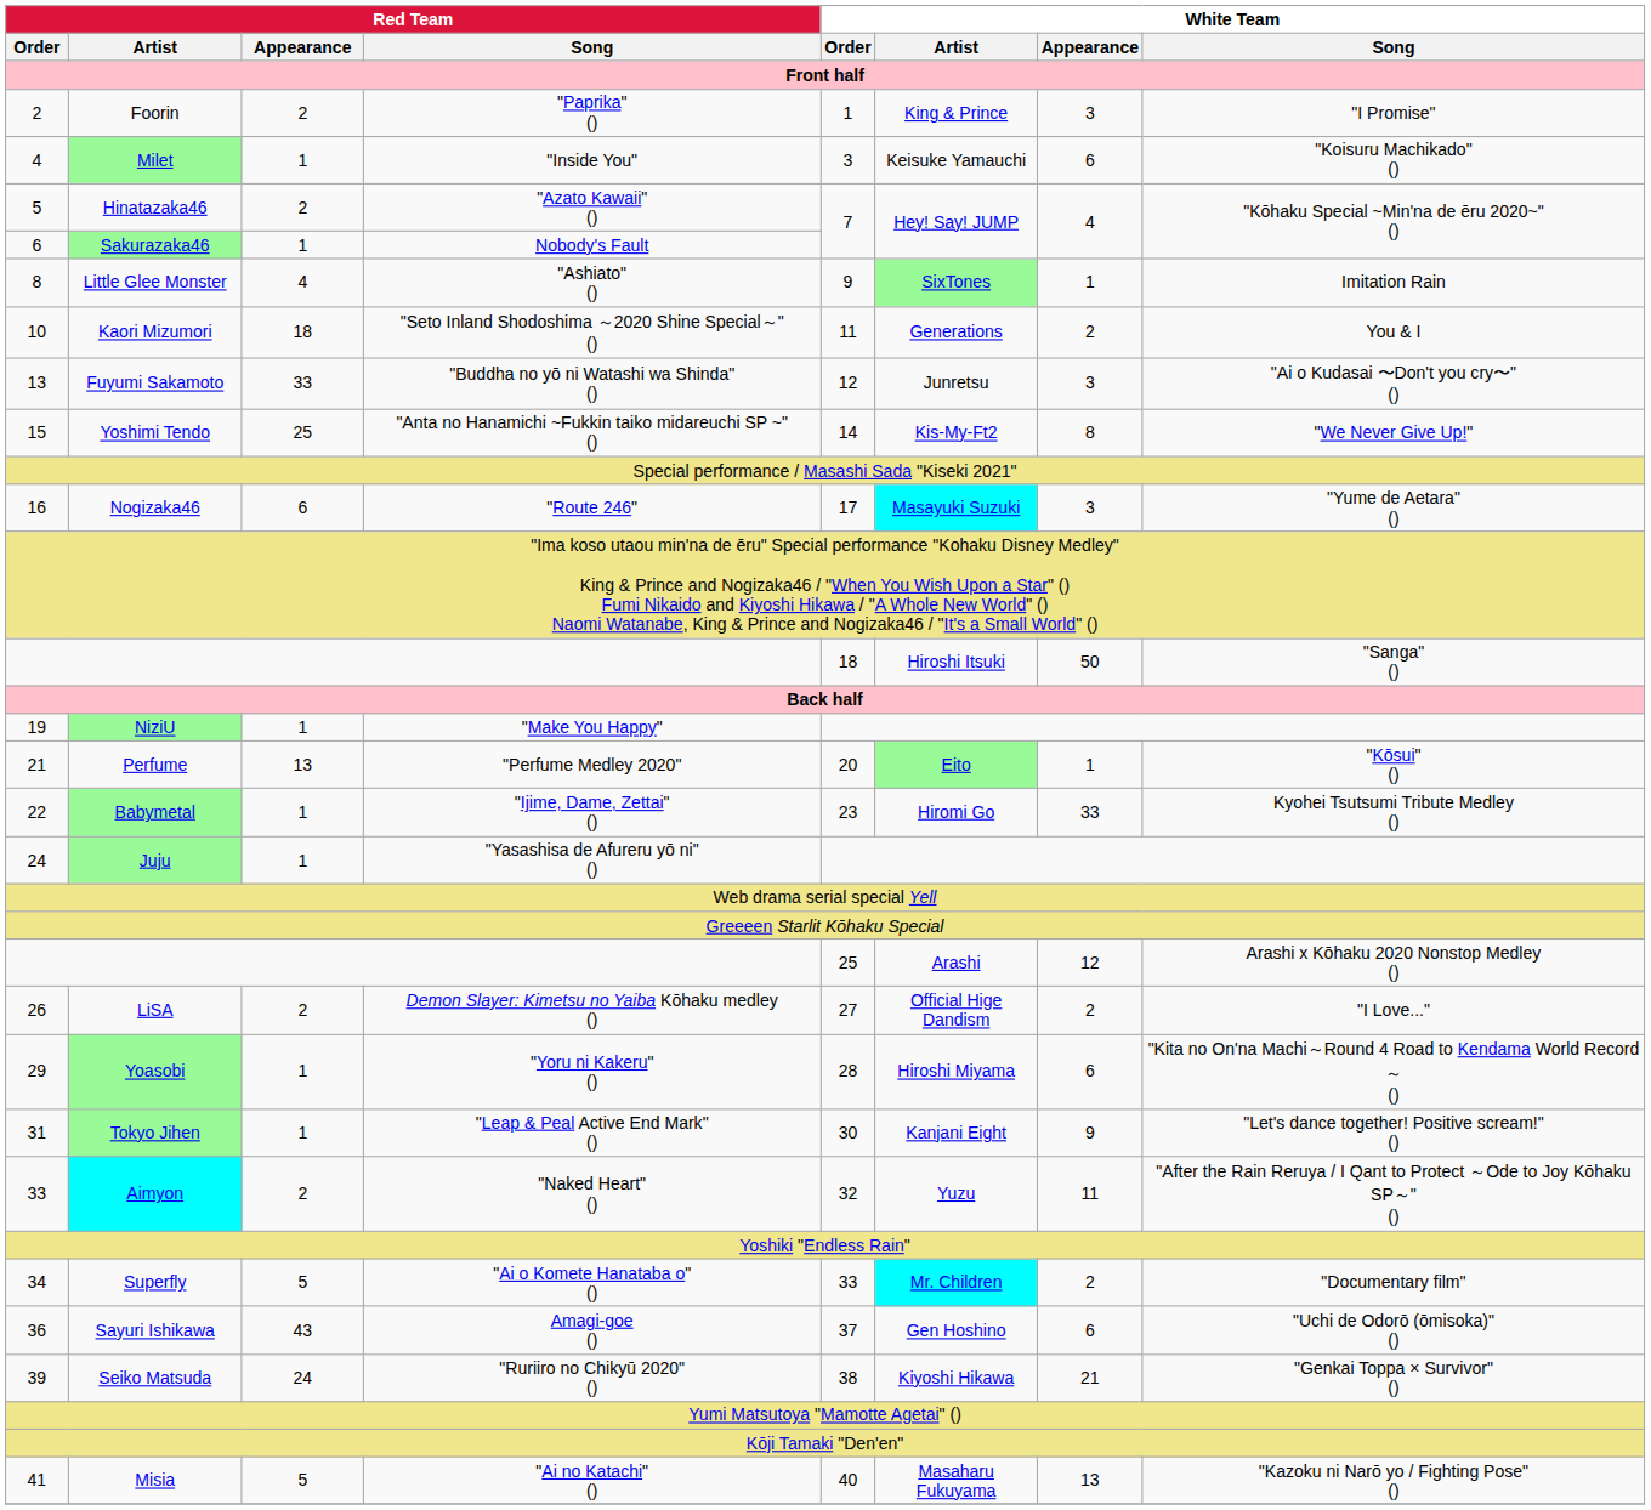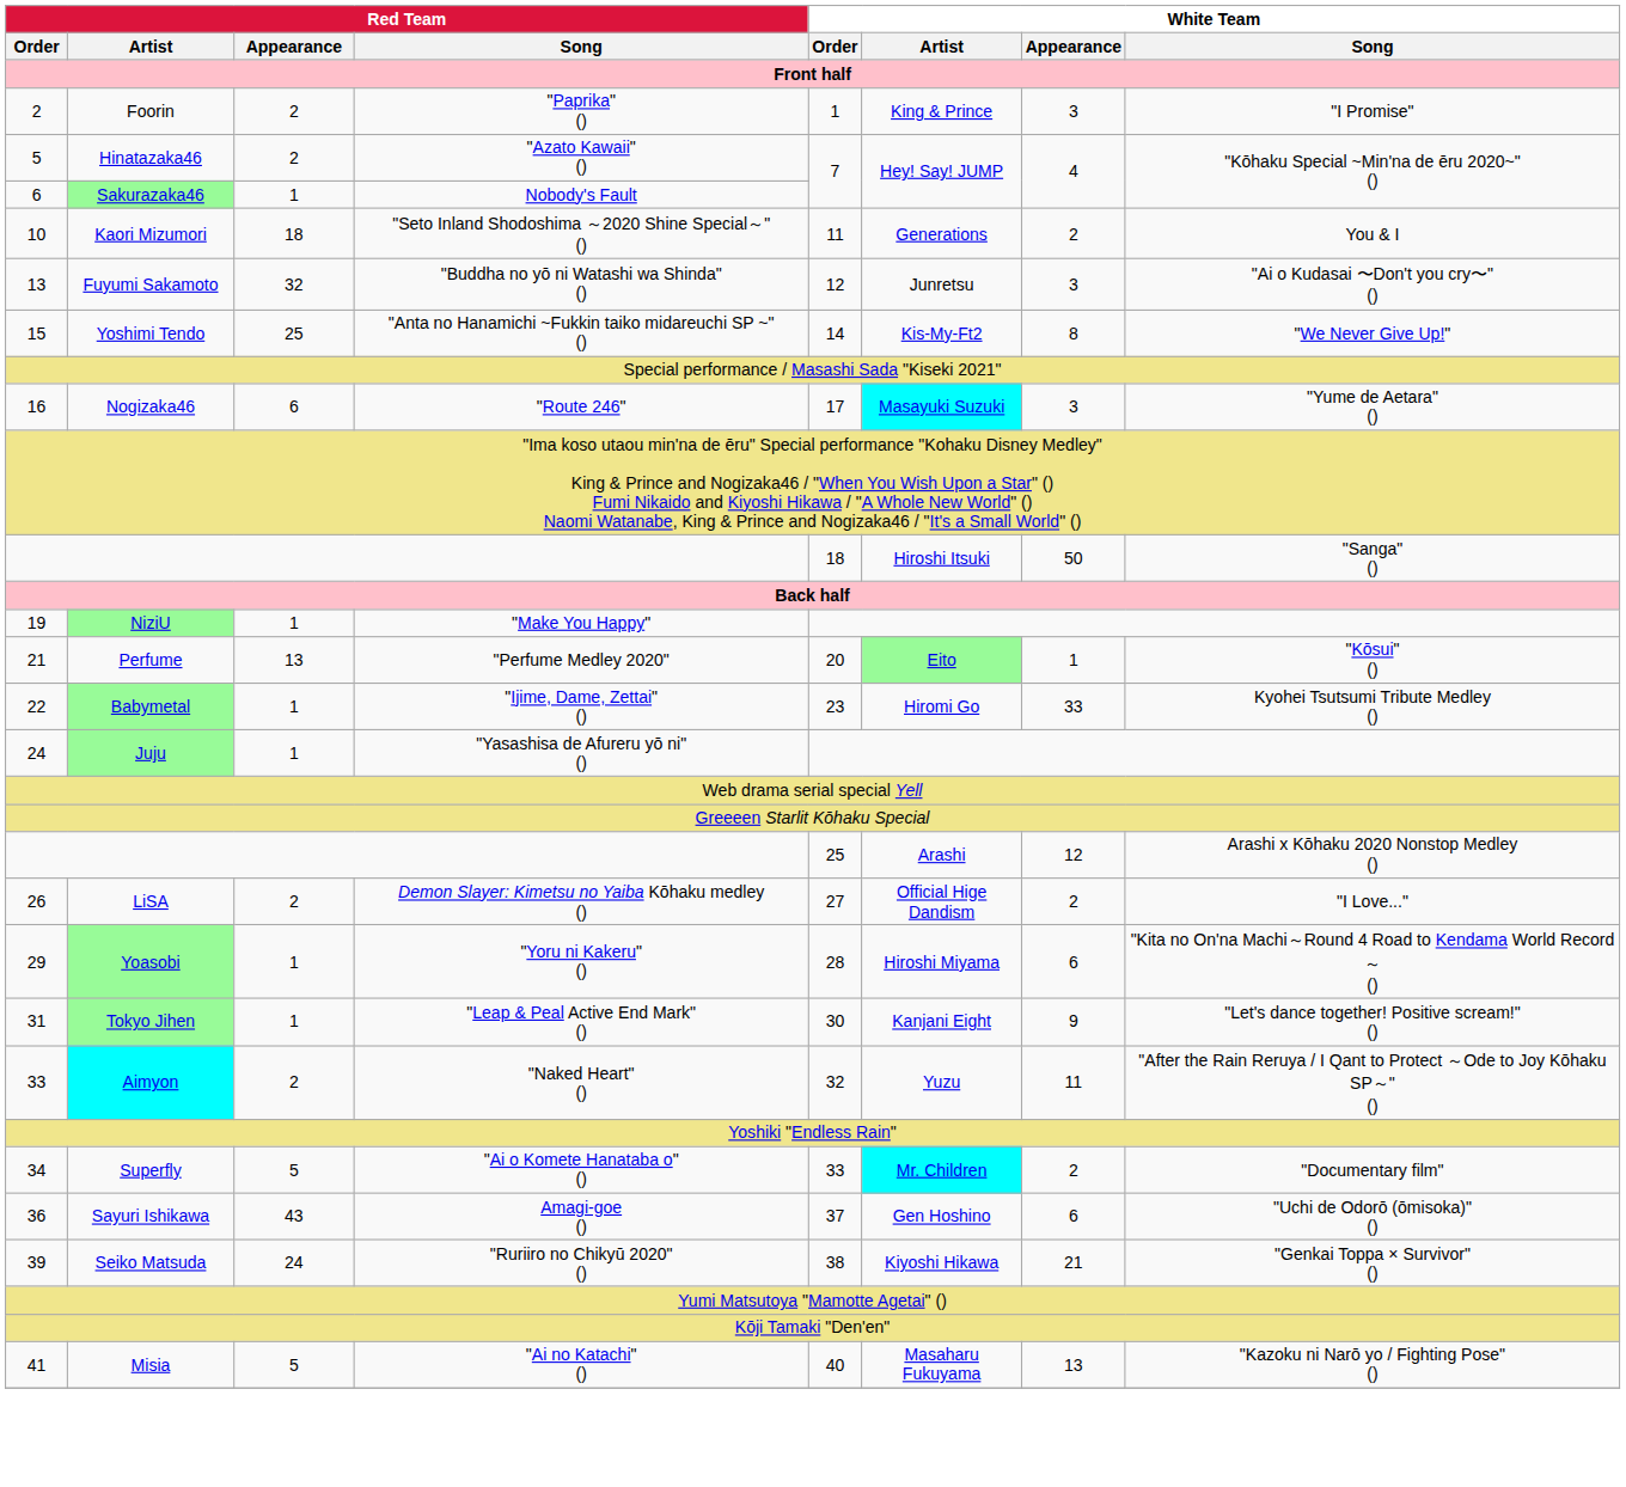 <table class="wikitable" style="font-size:small; text-align:center">
 <tr>
 <th colspan="4" style="background:Crimson; color:White; width:50%">Red Team</th>
 <th colspan="4" style="background:White; width:50%">White Team</th>
 </tr>
 <tr>
 <th>Order</th>
 <th>Artist</th>
 <th>Appearance</th>
 <th>Song</th>
 <th>Order</th>
 <th>Artist</th>
 <th>Appearance</th>
 <th>Song</th>
 </tr>
 <tr>
 <th colspan="8" style="background:Pink">Front half</th>
 </tr>
 <tr>
 <td>2</td>
 <td>Foorin</td>
 <td>2</td>
 <td>"<a href='#'>Paprika</a>"<br>()</td>
 <td>1</td>
 <td><a href='#'>King & Prince</a></td>
 <td>3</td>
 <td>"I Promise"</td>
 </tr>
 <tr>
-<td>4</td>
-<td style="background:PaleGreen"><a href='#'>Milet</a></td>
-<td>1</td>
-<td>"Inside You"</td>
-<td>3</td>
-<td>Keisuke Yamauchi</td>
-<td>6</td>
-<td>"Koisuru Machikado"<br>()</td>
-</tr>
-<tr>
 <td>5</td>
 <td><a href='#'>Hinatazaka46</a></td>
 <td>2</td>
 <td>"<a href='#'>Azato Kawaii</a>"<br> ()</td>
 <td rowspan="2">7</td>
 <td rowspan="2"><a href='#'>Hey! Say! JUMP</a></td>
 <td rowspan="2">4</td>
 <td rowspan="2">"Kōhaku Special ~Min'na de ēru 2020~" <br>()</td>
 </tr>
 <tr>
 <td>6</td>
 <td style="background:PaleGreen"><a href='#'>Sakurazaka46</a></td>
 <td>1</td>
 <td><a href='#'>Nobody's Fault</a></td>
 </tr>
 <tr>
-<td>8</td>
-<td><a href='#'>Little Glee Monster</a></td>
-<td>4</td>
-<td>"Ashiato"<br> ()</td>
-<td>9</td>
-<td style="background:PaleGreen"><a href='#'>SixTones</a></td>
-<td>1</td>
-<td>Imitation Rain</td>
-</tr>
-<tr>
 <td>10</td>
 <td><a href='#'>Kaori Mizumori</a></td>
 <td>18</td>
 <td>"Seto Inland Shodoshima ～2020 Shine Special～"<br>()</td>
 <td>11</td>
 <td><a href='#'>Generations</a></td>
 <td>2</td>
 <td>You & I</td>
 </tr>
 <tr>
 <td>13</td>
 <td><a href='#'>Fuyumi Sakamoto</a></td>
-<td>33</td>
+<td>32</td>
 <td>"Buddha no yō ni Watashi wa Shinda"<br>()</td>
 <td>12</td>
 <td>Junretsu</td>
 <td>3</td>
 <td>"Ai o Kudasai 〜Don't you cry〜"<br>()</td>
 </tr>
 <tr>
 <td>15</td>
 <td><a href='#'>Yoshimi Tendo</a></td>
 <td>25</td>
 <td>"Anta no Hanamichi ~Fukkin taiko midareuchi SP ~"<br>()</td>
 <td>14</td>
 <td><a href='#'>Kis-My-Ft2</a></td>
 <td>8</td>
 <td>"<a href='#'>We Never Give Up!</a>"</td>
 </tr>
 <tr>
 <td colspan="8" style="background:Khaki">Special performance / <a href='#'>Masashi Sada</a> "Kiseki 2021"</td>
 </tr>
 <tr>
 <td>16</td>
 <td><a href='#'>Nogizaka46</a></td>
 <td>6</td>
 <td>"<a href='#'>Route 246</a>"</td>
 <td>17</td>
 <td style="background:aqua"><a href='#'>Masayuki Suzuki</a></td>
 <td>3</td>
 <td>"Yume de Aetara"<br>()</td>
 </tr>
 <tr>
 <td colspan="8" style="background:Khaki">"Ima koso utaou min'na de ēru" Special performance "Kohaku Disney Medley"<br><br>King & Prince and Nogizaka46 / "<a href='#'>When You Wish Upon a Star</a>" ()<br> <a href='#'>Fumi Nikaido</a> and <a href='#'>Kiyoshi Hikawa</a> / "<a href='#'>A Whole New World</a>" ()<br> <a href='#'>Naomi Watanabe</a>, King & Prince and Nogizaka46 / "<a href='#'>It's a Small World</a>" ()</td>
 </tr>
 <tr>
 <td colspan="4"></td>
 <td>18</td>
 <td><a href='#'>Hiroshi Itsuki</a></td>
 <td>50</td>
 <td>"Sanga"<br>()</td>
 </tr>
 <tr>
 <th colspan="8" style="background:Pink">Back half</th>
 </tr>
 <tr>
 <td>19</td>
 <td style="background:PaleGreen"><a href='#'>NiziU</a></td>
 <td>1</td>
 <td>"<a href='#'>Make You Happy</a>"</td>
 <td colspan="4"></td>
 </tr>
 <tr>
 <td>21</td>
 <td><a href='#'>Perfume</a></td>
 <td>13</td>
 <td>"Perfume Medley 2020"</td>
 <td>20</td>
 <td style="background:PaleGreen"><a href='#'>Eito</a></td>
 <td>1</td>
 <td>"<a href='#'>Kōsui</a>"<br>()</td>
 </tr>
 <tr>
 <td>22</td>
 <td style="background:PaleGreen"><a href='#'>Babymetal</a></td>
 <td>1</td>
 <td>"<a href='#'>Ijime, Dame, Zettai</a>"<br>()</td>
 <td>23</td>
 <td><a href='#'>Hiromi Go</a></td>
 <td>33</td>
 <td>Kyohei Tsutsumi Tribute Medley<br>()</td>
 </tr>
 <tr>
 <td>24</td>
 <td style="background:PaleGreen"><a href='#'>Juju</a></td>
 <td>1</td>
 <td>"Yasashisa de Afureru yō ni"<br>()</td>
 <td colspan="4"></td>
 </tr>
 <tr>
 <td colspan="8" style="background:Khaki">Web drama serial special <em><a href='#'>Yell</a></em></td>
 </tr>
 <tr>
 <td colspan="8" style="background:Khaki"><a href='#'>Greeeen</a> <em>Starlit Kōhaku Special</em> </td>
 </tr>
 <tr>
 <td colspan="4"></td>
 <td>25</td>
 <td><a href='#'>Arashi</a></td>
 <td>12</td>
 <td>Arashi x Kōhaku 2020 Nonstop Medley<br>()</td>
 </tr>
 <tr>
 <td>26</td>
 <td><a href='#'>LiSA</a></td>
 <td>2</td>
 <td><em><a href='#'>Demon Slayer: Kimetsu no Yaiba</a></em> Kōhaku medley <br>()</td>
 <td>27</td>
 <td><a href='#'>Official Hige Dandism</a></td>
 <td>2</td>
 <td>"I Love..."</td>
 </tr>
 <tr>
 <td>29</td>
 <td style="background:PaleGreen"><a href='#'>Yoasobi</a></td>
 <td>1</td>
 <td>"<a href='#'>Yoru ni Kakeru</a>"<br>()</td>
 <td>28</td>
 <td><a href='#'>Hiroshi Miyama</a></td>
 <td>6</td>
 <td>"Kita no On'na Machi～Round 4 Road to <a href='#'>Kendama</a> World Record～<br>()</td>
 </tr>
 <tr>
 <td>31</td>
 <td style="background:PaleGreen"><a href='#'>Tokyo Jihen</a></td>
 <td>1</td>
 <td>"<a href='#'>Leap & Peal</a> Active End Mark"<br>()</td>
 <td>30</td>
 <td><a href='#'>Kanjani Eight</a></td>
 <td>9</td>
 <td>"Let's dance together! Positive scream!"<br>()</td>
 </tr>
 <tr>
 <td>33</td>
 <td style="background:aqua"><a href='#'>Aimyon</a></td>
 <td>2</td>
 <td>"Naked Heart"<br>()</td>
 <td>32</td>
 <td><a href='#'>Yuzu</a></td>
 <td>11</td>
 <td>"After the Rain Reruya / I Qant to Protect ～Ode to Joy Kōhaku SP～"<br>()</td>
 </tr>
 <tr>
 <td colspan="8" style="background:Khaki"><a href='#'>Yoshiki</a> "<a href='#'>Endless Rain</a>"</td>
 </tr>
 <tr>
 <td>34</td>
 <td><a href='#'>Superfly</a></td>
 <td>5</td>
 <td>"<a href='#'>Ai o Komete Hanataba o</a>"<br>()</td>
 <td>33</td>
 <td style="background:aqua"><a href='#'>Mr. Children</a></td>
 <td>2</td>
 <td>"Documentary film"</td>
 </tr>
 <tr>
 <td>36</td>
 <td><a href='#'>Sayuri Ishikawa</a></td>
 <td>43</td>
 <td><a href='#'>Amagi-goe</a><br>()</td>
 <td>37</td>
 <td><a href='#'>Gen Hoshino</a></td>
 <td>6</td>
 <td>"Uchi de Odorō (ōmisoka)"<br>()</td>
 </tr>
 <tr>
 <td>39</td>
 <td><a href='#'>Seiko Matsuda</a></td>
 <td>24</td>
 <td>"Ruriiro no Chikyū 2020"<br>()</td>
 <td>38</td>
 <td><a href='#'>Kiyoshi Hikawa</a></td>
 <td>21</td>
 <td>"Genkai Toppa × Survivor"<br>()</td>
 </tr>
 <tr>
 <td colspan="8" style="background:Khaki"><a href='#'>Yumi Matsutoya</a> "<a href='#'>Mamotte Agetai</a>" ()</td>
 </tr>
 <tr>
 <td colspan="8" style="background:Khaki"><a href='#'>Kōji Tamaki</a> "Den'en"</td>
 </tr>
 <tr>
 <td>41</td>
 <td><a href='#'>Misia</a></td>
 <td>5</td>
 <td>"<a href='#'>Ai no Katachi</a>"<br>()</td>
 <td>40</td>
 <td><a href='#'>Masaharu Fukuyama</a></td>
 <td>13</td>
 <td>"Kazoku ni Narō yo / Fighting Pose"<br>()</td>
 </tr>
 <tr>
 </tr>
 </table>
